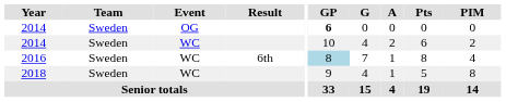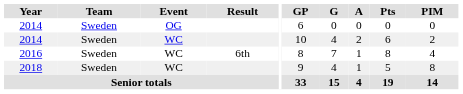 <table border="0" cellpadding="1" cellspacing="0" ID="Table3" style="text-align:center; width:40em;">
 <tr bgcolor="#e0e0e0">
 <th>Year</th>
 <th>Team</th>
 <th>Event</th>
 <th>Result</th>
 <th rowspan="99" bgcolor="#ffffff"></th>
 <th>GP</th>
 <th>G</th>
 <th>A</th>
 <th>Pts</th>
 <th>PIM</th>
 </tr>
 <tr>
 <td><a href='#'>2014</a></td>
 <td><a href='#'>Sweden</a></td>
 <td><a href='#'>OG</a></td>
 <td></td>
-<td><strong>6</strong></td>
+<td>6</td>
 <td>0</td>
 <td>0</td>
 <td>0</td>
 <td>0</td>
 </tr>
 <tr bgcolor="#f0f0f0">
 <td><a href='#'>2014</a></td>
 <td>Sweden</td>
 <td><a href='#'>WC</a></td>
 <td></td>
 <td>10</td>
 <td>4</td>
 <td>2</td>
 <td>6</td>
 <td>2</td>
 </tr>
 <tr>
 <td><a href='#'>2016</a></td>
 <td>Sweden</td>
 <td>WC</td>
 <td>6th</td>
-<td style="background: lightblue;">8</td>
+<td>8</td>
 <td>7</td>
 <td>1</td>
 <td>8</td>
 <td>4</td>
 </tr>
 <tr bgcolor="#f0f0f0">
 <td><a href='#'>2018</a></td>
 <td>Sweden</td>
 <td>WC</td>
 <td></td>
 <td>9</td>
 <td>4</td>
 <td>1</td>
 <td>5</td>
 <td>8</td>
 </tr>
 <tr bgcolor="#e0e0e0">
 <th colspan="4">Senior totals</th>
 <th>33</th>
 <th>15</th>
 <th>4</th>
 <th>19</th>
 <th>14</th>
 </tr>
 </table>
